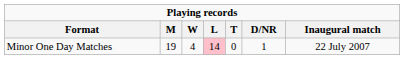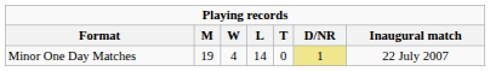 <table class="wikitable" style="text-align: center; width: 600px">
 <tr>
 <td colspan="8" align="center"><strong>Playing records</strong></td>
 </tr>
 <tr>
 <th>Format</th>
 <th>M</th>
 <th>W</th>
 <th>L</th>
 <th>T</th>
 <th>D/NR</th>
 <th>Inaugural match</th>
 </tr>
 <tr>
 <td align="left">Minor One Day Matches</td>
 <td>19</td>
 <td>4</td>
-<td style="background: pink;">14</td>
+<td>14</td>
 <td>0</td>
-<td>1</td>
+<td style="background: khaki;">1</td>
 <td>22 July 2007</td>
 </tr>
 </table>
